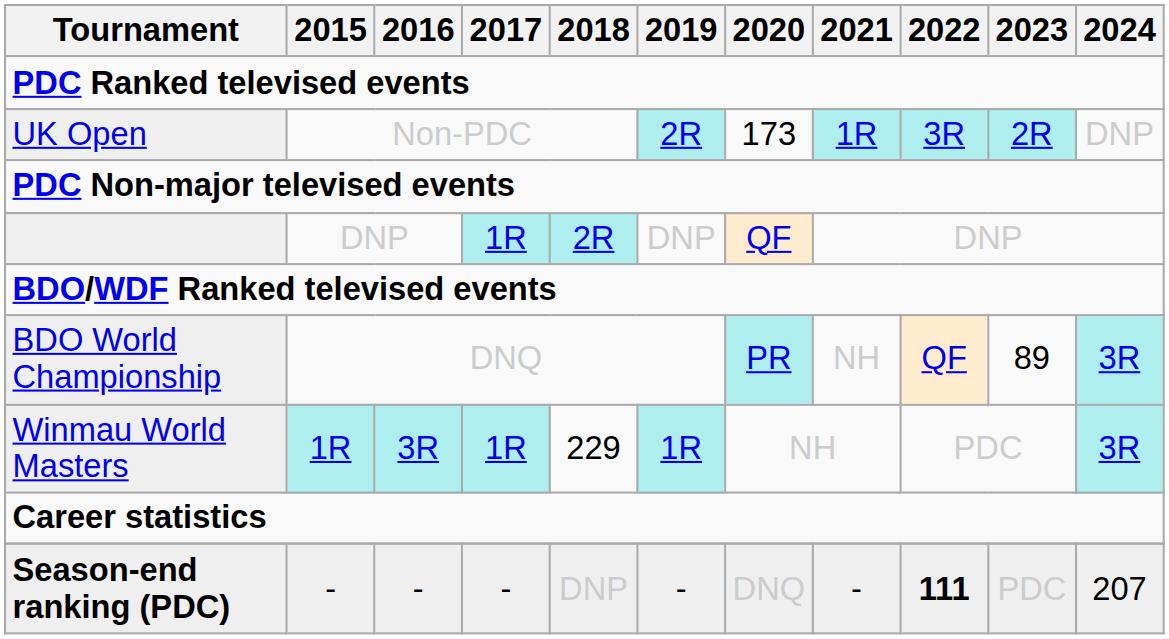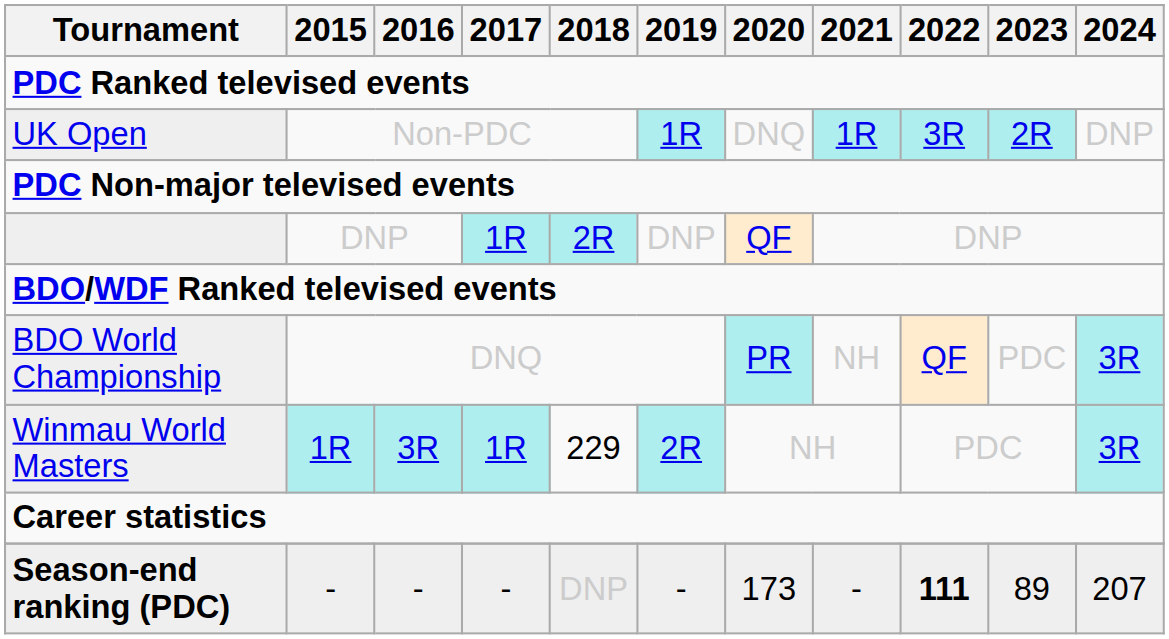 <table class="wikitable" style="width:45%; margin:0">
 <tr>
 <th>Tournament</th>
 <th>2015</th>
 <th>2016</th>
 <th>2017</th>
 <th>2018</th>
 <th>2019</th>
 <th>2020</th>
 <th>2021</th>
 <th>2022</th>
 <th>2023</th>
 <th>2024</th>
 </tr>
 <tr>
 <td colspan="31" align="left"><strong><a href='#'>PDC</a> Ranked televised events</strong></td>
 </tr>
 <tr>
 <td style="background:#efefef;"><a href='#'>UK Open</a></td>
 <td colspan="4" style="text-align:center; color:#ccc;">Non-PDC</td>
-<td style="text-align:center; background:#afeeee;"><a href='#'>2R</a></td>
-<td style="text-align:center;">173</td>
+<td style="text-align:center; background:#afeeee;"><a href='#'>1R</a></td>
+<td style="text-align:center; color:#ccc;">DNQ</td>
 <td style="text-align:center; background:#afeeee;"><a href='#'>1R</a></td>
 <td style="text-align:center; background:#afeeee;"><a href='#'>3R</a></td>
 <td style="text-align:center; background:#afeeee;"><a href='#'>2R</a></td>
 <td style="text-align:center; color:#ccc;">DNP</td>
 </tr>
 <tr>
 <td colspan="15" align="left"><strong><a href='#'>PDC</a> Non-major televised events</strong></td>
 </tr>
 <tr>
 <td style="background:#efefef;"></td>
 <td colspan="2" style="text-align:center; color:#ccc;">DNP</td>
 <td style="text-align:center; background:#afeeee;"><a href='#'>1R</a></td>
 <td style="text-align:center; background:#afeeee;"><a href='#'>2R</a></td>
 <td style="text-align:center; color:#ccc;">DNP</td>
 <td style="text-align:center; background:#ffebcd;"><a href='#'>QF</a></td>
 <td colspan="4" style="text-align:center; color:#ccc;">DNP</td>
 </tr>
 <tr>
 <td colspan="31" align="left"><strong><a href='#'>BDO</a>/<a href='#'>WDF</a> Ranked televised events</strong></td>
 </tr>
 <tr>
 <td style="background:#efefef;"><a href='#'>BDO World Championship</a></td>
 <td colspan="5" style="text-align:center; color:#ccc;">DNQ</td>
 <td style="text-align:center; background:#afeeee;"><a href='#'>PR</a></td>
 <td style="text-align:center; color:#ccc;">NH</td>
 <td style="text-align:center; background:#ffebcd"><a href='#'>QF</a></td>
-<td style="text-align:center;">89</td>
+<td style="text-align:center; color:#ccc;">PDC</td>
 <td style="text-align:center; background:#afeeee;"><a href='#'>3R</a></td>
 </tr>
 <tr>
 <td style="background:#efefef;" align=left><a href='#'>Winmau World Masters</a></td>
 <td style="text-align:center; background:#afeeee;"><a href='#'>1R</a></td>
 <td style="text-align:center; background:#afeeee;"><a href='#'>3R</a></td>
 <td style="text-align:center; background:#afeeee;"><a href='#'>1R</a></td>
 <td style="text-align:center;">229</td>
-<td style="text-align:center; background:#afeeee;"><a href='#'>1R</a></td>
+<td style="text-align:center; background:#afeeee;"><a href='#'>2R</a></td>
 <td colspan="2" style="text-align:center; color:#ccc;">NH</td>
 <td colspan="2" style="text-align:center; color:#ccc;">PDC</td>
 <td style="text-align:center; background:#afeeee;"><a href='#'>3R</a></td>
 </tr>
 <tr>
 <td colspan="22" align="left"><strong>Career statistics</strong></td>
 </tr>
 <tr>
 </tr>
 <tr bgcolor="efefef">
 <td align="left"><strong>Season-end ranking (PDC)</strong></td>
 <td style="text-align:center;">-</td>
 <td style="text-align:center;">-</td>
 <td style="text-align:center;">-</td>
 <td style="text-align:center; color:#ccc;">DNP</td>
 <td style="text-align:center;">-</td>
-<td style="text-align:center; color:#ccc;">DNQ</td>
+<td style="text-align:center;">173</td>
 <td style="text-align:center;">-</td>
 <td style="text-align:center;"><strong>111</strong></td>
-<td style="text-align:center; color:#ccc;">PDC</td>
+<td style="text-align:center;">89</td>
 <td style="text-align:center;">207</td>
 </tr>
 </table>
